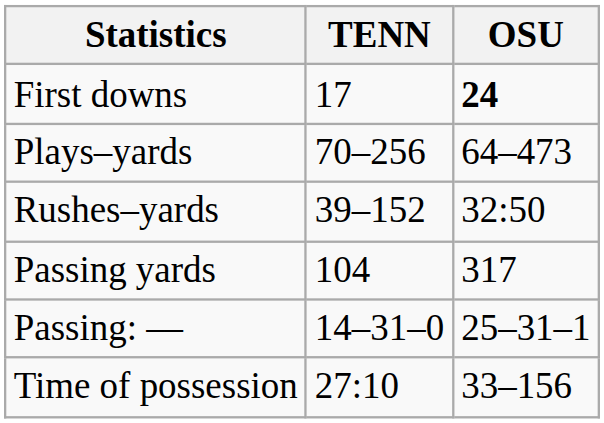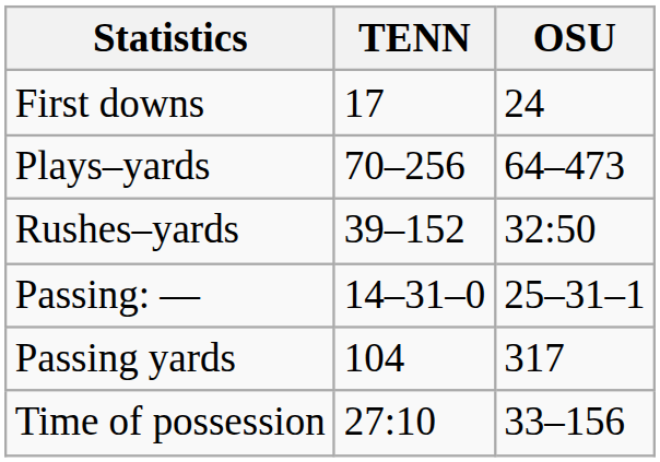 <table class="wikitable" style="float:left">
 <tr>
 <th>Statistics</th>
 <th>TENN</th>
 <th>OSU</th>
 </tr>
 <tr>
 <td>First downs</td>
 <td>17</td>
-<td><strong>24</strong></td>
+<td>24</td>
 </tr>
 <tr>
 <td>Plays–yards</td>
 <td>70–256</td>
 <td>64–473</td>
 </tr>
 <tr>
 <td>Rushes–yards</td>
 <td>39–152</td>
 <td>32:50</td>
 </tr>
 <tr>
+<td>Passing: ––</td>
+<td>14–31–0</td>
+<td>25–31–1</td>
+</tr>
+<tr>
 <td>Passing yards</td>
 <td>104</td>
 <td>317</td>
-</tr>
-<tr>
-<td>Passing: ––</td>
-<td>14–31–0</td>
-<td>25–31–1</td>
 </tr>
 <tr>
 <td>Time of possession</td>
 <td>27:10</td>
 <td>33–156</td>
 </tr>
 </table>
